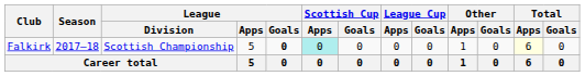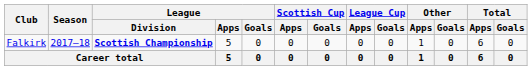 <table class="wikitable" style="text-align: center">
 <tr>
 <th rowspan="2">Club</th>
 <th rowspan="2">Season</th>
 <th colspan="3">League</th>
 <th colspan="2"><a href='#'>Scottish Cup</a></th>
 <th colspan="2"><a href='#'>League Cup</a></th>
 <th colspan="2">Other</th>
 <th colspan="2">Total</th>
 </tr>
 <tr>
 <th>Division</th>
 <th>Apps</th>
 <th>Goals</th>
 <th>Apps</th>
 <th>Goals</th>
 <th>Apps</th>
 <th>Goals</th>
 <th>Apps</th>
 <th>Goals</th>
 <th>Apps</th>
 <th>Goals</th>
 </tr>
 <tr>
 <td><a href='#'>Falkirk</a></td>
 <td><a href='#'>2017–18</a></td>
-<td><a href='#'>Scottish Championship</a></td>
+<td><strong><a href='#'>Scottish Championship</a></strong></td>
 <td>5</td>
-<td><strong>0</strong></td>
-<td style="background: paleturquoise;">0</td>
+<td>0</td>
+<td>0</td>
 <td>0</td>
 <td>0</td>
 <td>0</td>
 <td>1</td>
 <td>0</td>
-<td style="background: lightyellow;">6</td>
+<td>6</td>
 <td>0</td>
 </tr>
 <tr>
 <th colspan=3>Career total</th>
 <th>5</th>
 <th>0</th>
 <th>0</th>
 <th>0</th>
 <th>0</th>
 <th>0</th>
 <th>1</th>
 <th>0</th>
 <th>6</th>
 <th>0</th>
 </tr>
 </table>
